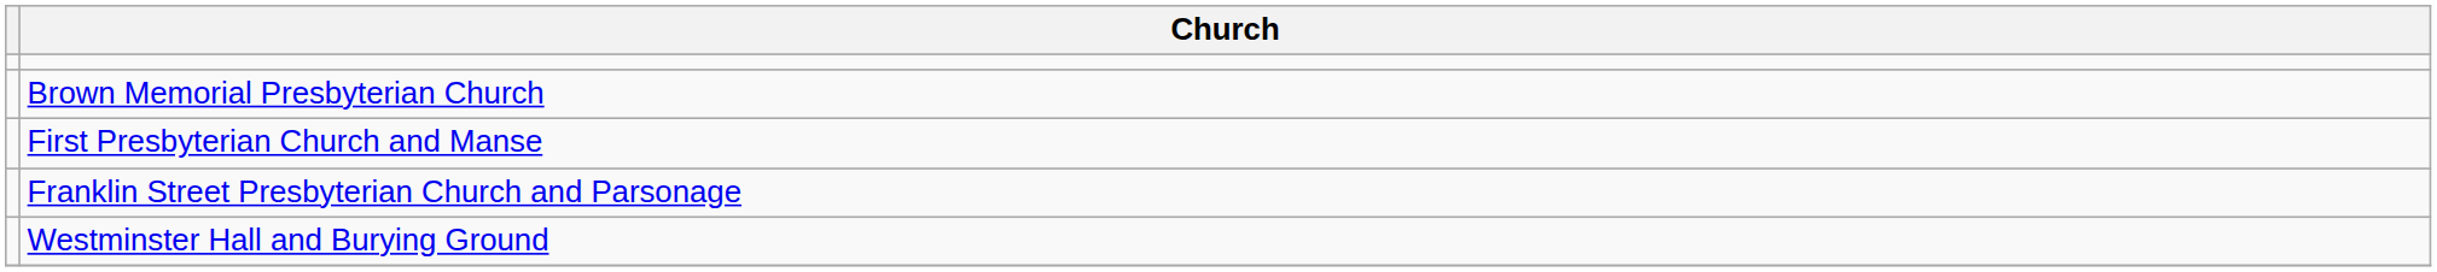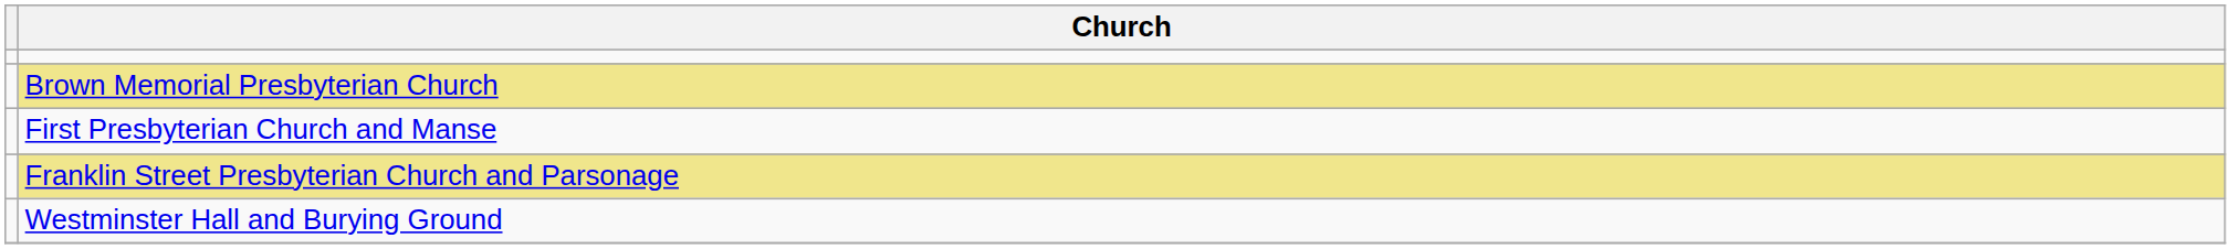 <table class="wikitable">
 <tr>
 <th width="0%"></th>
 <th width="100%">Church</th>
 </tr>
 <tr>
 <td></td>
 <td></td>
 </tr>
 <tr>
 <td></td>
-<td><a href='#'>Brown Memorial Presbyterian Church</a></td>
+<td style="background: khaki;"><a href='#'>Brown Memorial Presbyterian Church</a></td>
 </tr>
 <tr>
 <td></td>
 <td><a href='#'>First Presbyterian Church and Manse</a></td>
 </tr>
 <tr>
 <td></td>
-<td><a href='#'>Franklin Street Presbyterian Church and Parsonage</a></td>
+<td style="background: khaki;"><a href='#'>Franklin Street Presbyterian Church and Parsonage</a></td>
 </tr>
 <tr>
 <td></td>
 <td><a href='#'>Westminster Hall and Burying Ground</a></td>
 </tr>
 <tr>
 </tr>
 </table>
